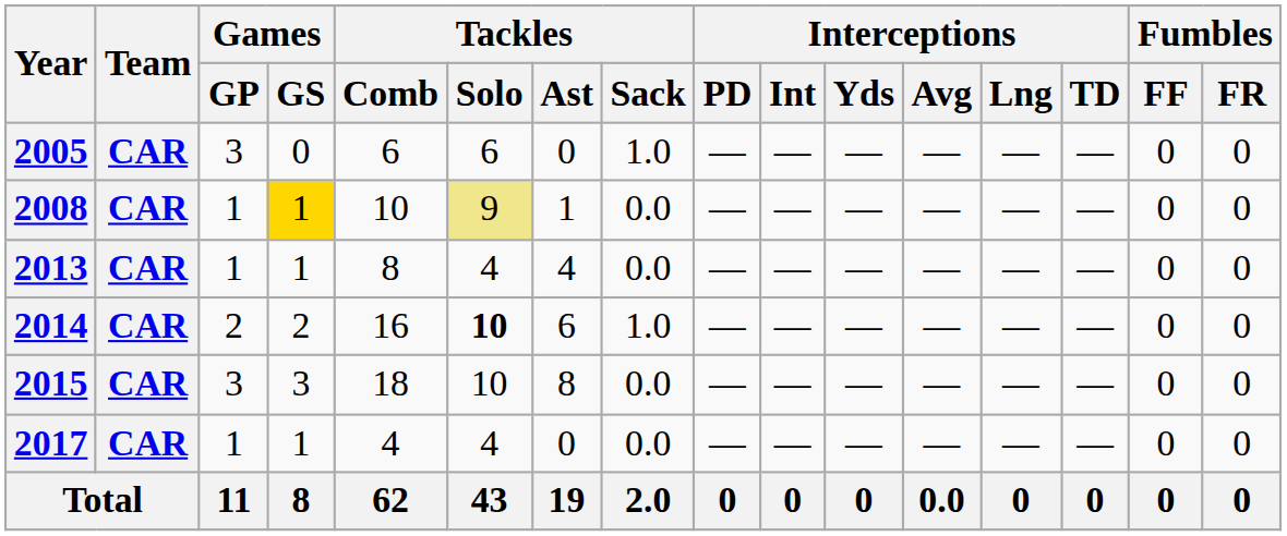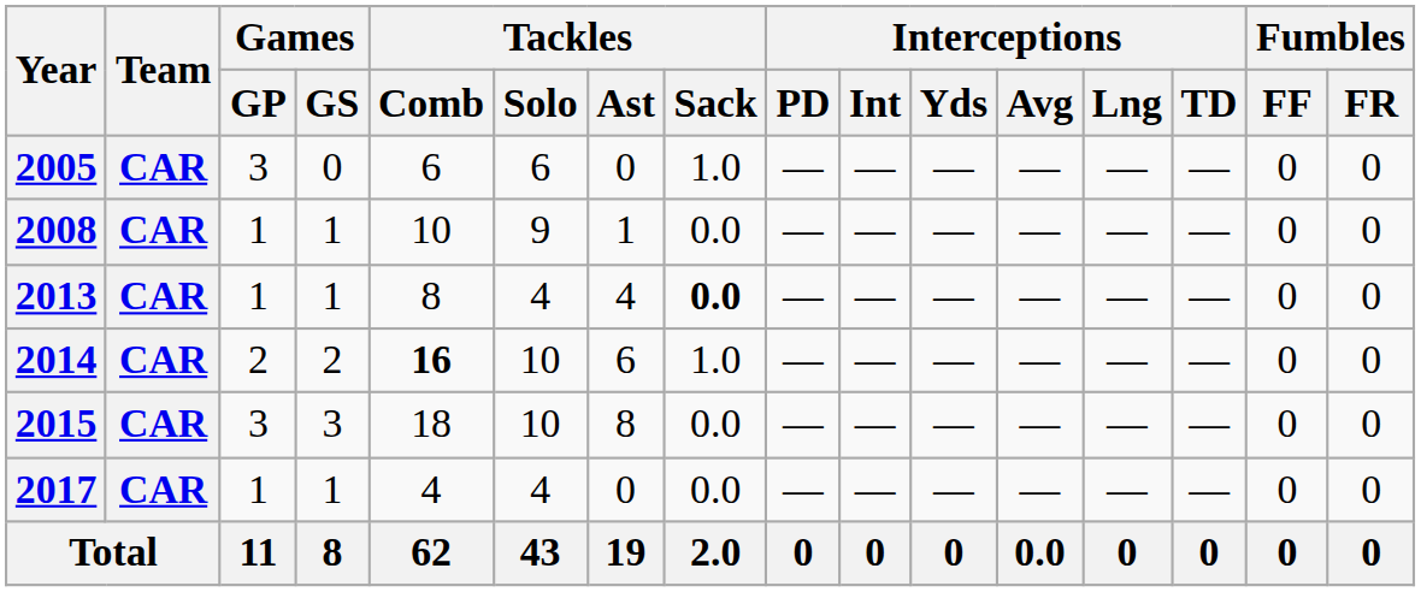 <table class="wikitable" style="text-align: center;">
 <tr>
 <th rowspan="2">Year</th>
 <th rowspan="2">Team</th>
 <th colspan="2">Games</th>
 <th colspan="4">Tackles</th>
 <th colspan="6">Interceptions</th>
 <th colspan="2">Fumbles</th>
 </tr>
 <tr>
 <th>GP</th>
 <th>GS</th>
 <th>Comb</th>
 <th>Solo</th>
 <th>Ast</th>
 <th>Sack</th>
 <th>PD</th>
 <th>Int</th>
 <th>Yds</th>
 <th>Avg</th>
 <th>Lng</th>
 <th>TD</th>
 <th>FF</th>
 <th>FR</th>
 </tr>
 <tr>
 <th><a href='#'>2005</a></th>
 <th><a href='#'>CAR</a></th>
 <td>3</td>
 <td>0</td>
 <td>6</td>
 <td>6</td>
 <td>0</td>
 <td>1.0</td>
 <td>—</td>
 <td>—</td>
 <td>—</td>
 <td>—</td>
 <td>—</td>
 <td>—</td>
 <td>0</td>
 <td>0</td>
 </tr>
 <tr>
 <th><a href='#'>2008</a></th>
 <th><a href='#'>CAR</a></th>
 <td>1</td>
-<td style="background: gold;">1</td>
+<td>1</td>
 <td>10</td>
-<td style="background: khaki;">9</td>
+<td>9</td>
 <td>1</td>
 <td>0.0</td>
 <td>—</td>
 <td>—</td>
 <td>—</td>
 <td>—</td>
 <td>—</td>
 <td>—</td>
 <td>0</td>
 <td>0</td>
 </tr>
 <tr>
 <th><a href='#'>2013</a></th>
 <th><a href='#'>CAR</a></th>
 <td>1</td>
 <td>1</td>
 <td>8</td>
 <td>4</td>
 <td>4</td>
-<td>0.0</td>
+<td><strong>0.0</strong></td>
 <td>—</td>
 <td>—</td>
 <td>—</td>
 <td>—</td>
 <td>—</td>
 <td>—</td>
 <td>0</td>
 <td>0</td>
 </tr>
 <tr>
 <th><a href='#'>2014</a></th>
 <th><a href='#'>CAR</a></th>
 <td>2</td>
 <td>2</td>
-<td>16</td>
-<td><strong>10</strong></td>
+<td><strong>16</strong></td>
+<td>10</td>
 <td>6</td>
 <td>1.0</td>
 <td>—</td>
 <td>—</td>
 <td>—</td>
 <td>—</td>
 <td>—</td>
 <td>—</td>
 <td>0</td>
 <td>0</td>
 </tr>
 <tr>
 <th><a href='#'>2015</a></th>
 <th><a href='#'>CAR</a></th>
 <td>3</td>
 <td>3</td>
 <td>18</td>
 <td>10</td>
 <td>8</td>
 <td>0.0</td>
 <td>—</td>
 <td>—</td>
 <td>—</td>
 <td>—</td>
 <td>—</td>
 <td>—</td>
 <td>0</td>
 <td>0</td>
 </tr>
 <tr>
 <th><a href='#'>2017</a></th>
 <th><a href='#'>CAR</a></th>
 <td>1</td>
 <td>1</td>
 <td>4</td>
 <td>4</td>
 <td>0</td>
 <td>0.0</td>
 <td>—</td>
 <td>—</td>
 <td>—</td>
 <td>—</td>
 <td>—</td>
 <td>—</td>
 <td>0</td>
 <td>0</td>
 </tr>
 <tr>
 <th colspan="2">Total</th>
 <th>11</th>
 <th>8</th>
 <th>62</th>
 <th>43</th>
 <th>19</th>
 <th>2.0</th>
 <th>0</th>
 <th>0</th>
 <th>0</th>
 <th>0.0</th>
 <th>0</th>
 <th>0</th>
 <th>0</th>
 <th>0</th>
 </tr>
 </table>
